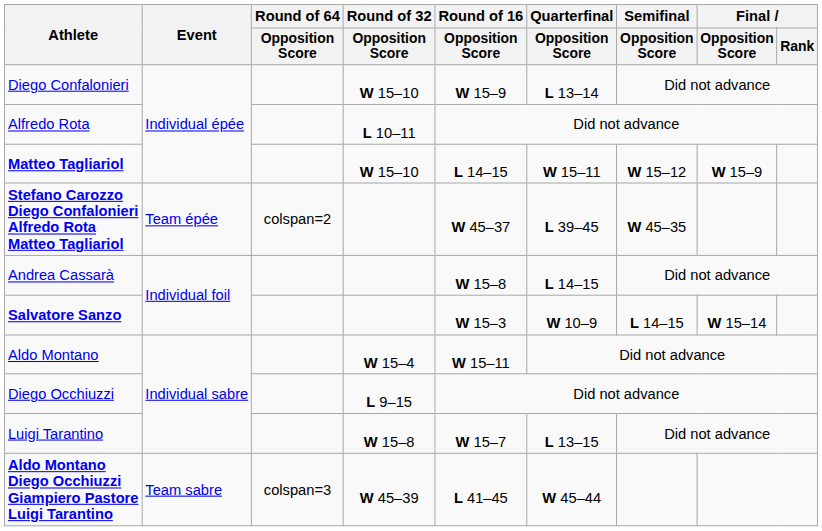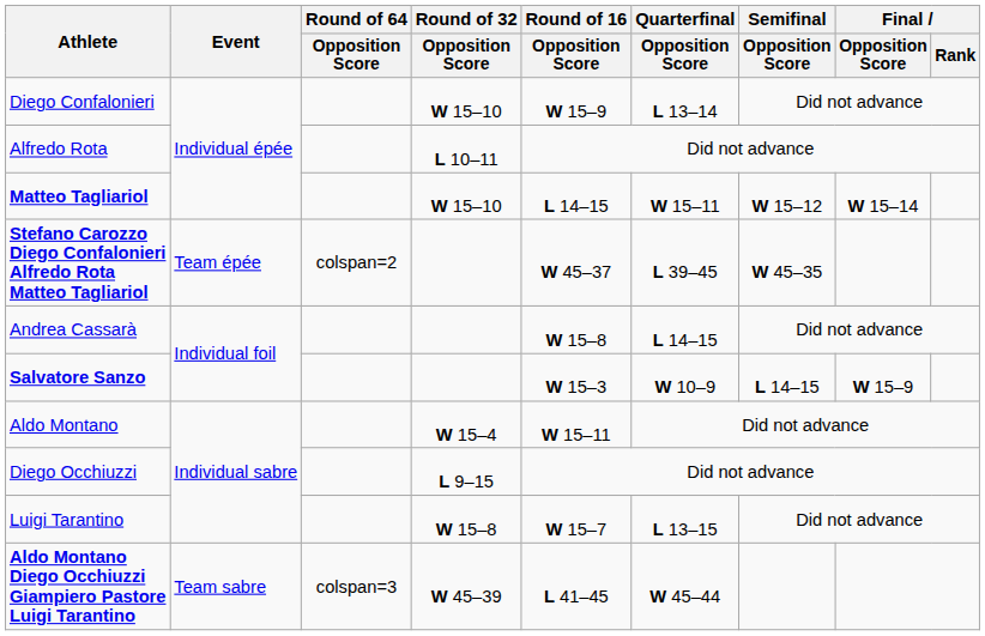 <table class="wikitable" style="font-size:90%">
 <tr>
 <th rowspan="2">Athlete</th>
 <th rowspan="2">Event</th>
 <th>Round of 64</th>
 <th>Round of 32</th>
 <th>Round of 16</th>
 <th>Quarterfinal</th>
 <th>Semifinal</th>
 <th colspan=2>Final / </th>
 </tr>
 <tr style="font-size:95%">
 <th>Opposition <br> Score</th>
 <th>Opposition <br> Score</th>
 <th>Opposition <br> Score</th>
 <th>Opposition <br> Score</th>
 <th>Opposition <br> Score</th>
 <th>Opposition <br> Score</th>
 <th>Rank</th>
 </tr>
 <tr align=center>
 <td align=left><a href='#'>Diego Confalonieri</a></td>
 <td align=left rowspan=3><a href='#'>Individual épée</a></td>
 <td></td>
 <td><br><strong>W</strong> 15–10</td>
 <td><br><strong>W</strong> 15–9</td>
 <td><br><strong>L</strong> 13–14</td>
 <td colspan=3>Did not advance</td>
 </tr>
 <tr align=center>
 <td align=left><a href='#'>Alfredo Rota</a></td>
 <td></td>
 <td><br><strong>L</strong> 10–11</td>
 <td colspan=5>Did not advance</td>
 </tr>
 <tr align=center>
 <td align=left><strong><a href='#'>Matteo Tagliariol</a></strong></td>
 <td></td>
 <td><br><strong>W</strong> 15–10</td>
 <td><br><strong>L</strong> 14–15</td>
 <td><br><strong>W</strong> 15–11</td>
 <td><br><strong>W</strong> 15–12</td>
-<td><br><strong>W</strong> 15–9</td>
+<td><br><strong>W</strong> 15–14</td>
 <td></td>
 </tr>
 <tr align=center>
 <td align=left><strong><a href='#'>Stefano Carozzo</a><br><a href='#'>Diego Confalonieri</a><br><a href='#'>Alfredo Rota</a><br><a href='#'>Matteo Tagliariol</a></strong></td>
 <td align=left><a href='#'>Team épée</a></td>
 <td>colspan=2 </td>
 <td></td>
 <td><br><strong>W</strong> 45–37</td>
 <td><br><strong>L</strong> 39–45</td>
 <td><br><strong>W</strong> 45–35</td>
 <td></td>
 </tr>
 <tr align=center>
 <td align=left><a href='#'>Andrea Cassarà</a></td>
 <td align=left rowspan=2><a href='#'>Individual foil</a></td>
 <td></td>
 <td></td>
 <td><br><strong>W</strong> 15–8</td>
 <td><br><strong>L</strong> 14–15</td>
 <td colspan=3>Did not advance</td>
 </tr>
 <tr align=center>
 <td align=left><strong><a href='#'>Salvatore Sanzo</a></strong></td>
 <td></td>
 <td></td>
 <td><br><strong>W</strong> 15–3</td>
 <td><br><strong>W</strong> 10–9</td>
 <td><br><strong>L</strong> 14–15</td>
-<td><br><strong>W</strong> 15–14</td>
+<td><br><strong>W</strong> 15–9</td>
 <td></td>
 </tr>
 <tr align=center>
 <td align=left><a href='#'>Aldo Montano</a></td>
 <td align=left rowspan=3><a href='#'>Individual sabre</a></td>
 <td></td>
 <td><br><strong>W</strong> 15–4</td>
 <td><br><strong>W</strong> 15–11</td>
 <td colspan=4>Did not advance</td>
 </tr>
 <tr align=center>
 <td align=left><a href='#'>Diego Occhiuzzi</a></td>
 <td></td>
 <td><br><strong>L</strong> 9–15</td>
 <td colspan=5>Did not advance</td>
 </tr>
 <tr align=center>
 <td align=left><a href='#'>Luigi Tarantino</a></td>
 <td></td>
 <td><br><strong>W</strong> 15–8</td>
 <td><br><strong>W</strong> 15–7</td>
 <td><br><strong>L</strong> 13–15</td>
 <td colspan=3>Did not advance</td>
 </tr>
 <tr align=center>
 <td align=left><strong><a href='#'>Aldo Montano</a><br><a href='#'>Diego Occhiuzzi</a><br><a href='#'>Giampiero Pastore</a><br><a href='#'>Luigi Tarantino</a></strong></td>
 <td align=left><a href='#'>Team sabre</a></td>
 <td>colspan=3 </td>
 <td><br><strong>W</strong> 45–39</td>
 <td><br><strong>L</strong> 41–45</td>
 <td><br><strong>W</strong> 45–44</td>
 <td></td>
 </tr>
 </table>
